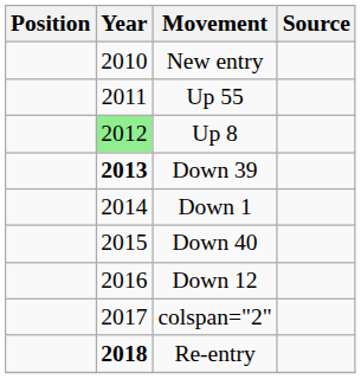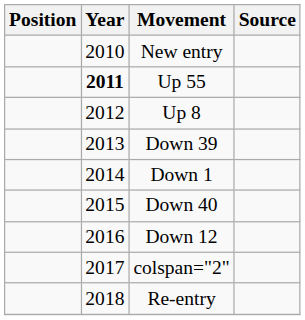 <table class="wikitable" style="text-align: center;">
 <tr>
 <th>Position</th>
 <th>Year</th>
 <th>Movement</th>
 <th>Source</th>
 </tr>
 <tr>
 <td></td>
 <td>2010</td>
 <td>New entry</td>
 <td></td>
 </tr>
 <tr>
 <td></td>
-<td>2011</td>
+<td><strong>2011</strong></td>
 <td>Up 55</td>
 <td></td>
 </tr>
 <tr>
 <td></td>
-<td style="background: lightgreen;">2012</td>
+<td>2012</td>
 <td>Up 8</td>
 <td></td>
 </tr>
 <tr>
 <td></td>
-<td><strong>2013</strong></td>
+<td>2013</td>
 <td>Down 39</td>
 <td></td>
 </tr>
 <tr>
 <td></td>
 <td>2014</td>
 <td>Down 1</td>
 <td></td>
 </tr>
 <tr>
 <td></td>
 <td>2015</td>
 <td>Down 40</td>
 <td></td>
 </tr>
 <tr>
 <td></td>
 <td>2016</td>
 <td>Down 12</td>
 <td></td>
 </tr>
 <tr>
 <td></td>
 <td>2017</td>
 <td>colspan="2" </td>
 </tr>
 <tr>
 <td></td>
-<td><strong>2018</strong></td>
+<td>2018</td>
 <td>Re-entry</td>
 <td></td>
 </tr>
 <tr>
 </tr>
 </table>
